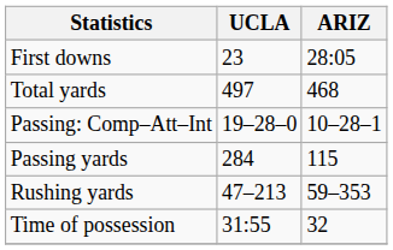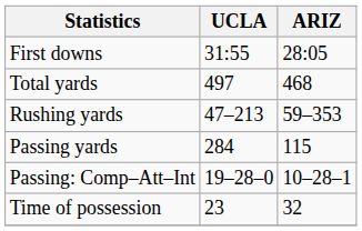 <table class="wikitable" style="float: left;">
 <tr>
 <th>Statistics</th>
 <th>UCLA</th>
 <th>ARIZ</th>
 </tr>
 <tr>
 <td>First downs</td>
-<td>23</td>
+<td>31:55</td>
 <td>28:05</td>
 </tr>
 <tr>
 <td>Total yards</td>
 <td>497</td>
 <td>468</td>
 </tr>
 <tr>
-<td>Passing: Comp–Att–Int</td>
-<td>19–28–0</td>
-<td>10–28–1</td>
+<td>Rushing yards</td>
+<td>47–213</td>
+<td>59–353</td>
 </tr>
 <tr>
 <td>Passing yards</td>
 <td>284</td>
 <td>115</td>
 </tr>
 <tr>
-<td>Rushing yards</td>
-<td>47–213</td>
-<td>59–353</td>
+<td>Passing: Comp–Att–Int</td>
+<td>19–28–0</td>
+<td>10–28–1</td>
 </tr>
 <tr>
 <td>Time of possession</td>
-<td>31:55</td>
+<td>23</td>
 <td>32</td>
 </tr>
 <tr>
 </tr>
 </table>
